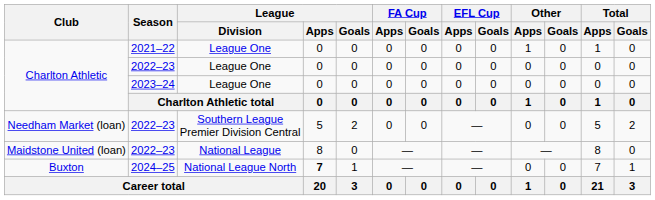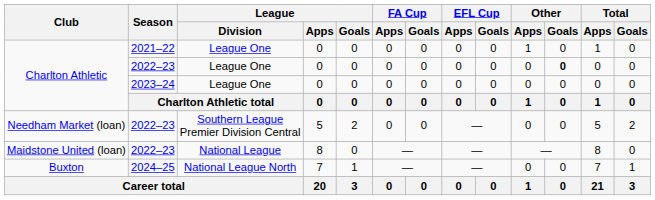 <table class=wikitable style=text-align:center>
 <tr>
 <th rowspan=2>Club</th>
 <th rowspan=2>Season</th>
 <th colspan=3>League</th>
 <th colspan=2><a href='#'>FA Cup</a></th>
 <th colspan=2><a href='#'>EFL Cup</a></th>
 <th colspan=2>Other</th>
 <th colspan=2>Total</th>
 </tr>
 <tr>
 <th>Division</th>
 <th>Apps</th>
 <th>Goals</th>
 <th>Apps</th>
 <th>Goals</th>
 <th>Apps</th>
 <th>Goals</th>
 <th>Apps</th>
 <th>Goals</th>
 <th>Apps</th>
 <th>Goals</th>
 </tr>
 <tr>
 <td rowspan="4"><a href='#'>Charlton Athletic</a></td>
 <td><a href='#'>2021–22</a></td>
 <td><a href='#'>League One</a></td>
 <td>0</td>
 <td>0</td>
 <td>0</td>
 <td>0</td>
 <td>0</td>
 <td>0</td>
 <td>1</td>
 <td>0</td>
 <td>1</td>
 <td>0</td>
 </tr>
 <tr>
 <td><a href='#'>2022–23</a></td>
 <td>League One</td>
 <td>0</td>
 <td>0</td>
 <td>0</td>
 <td>0</td>
 <td>0</td>
 <td>0</td>
 <td>0</td>
-<td>0</td>
+<td><strong>0</strong></td>
 <td>0</td>
 <td>0</td>
 </tr>
 <tr>
 <td><a href='#'>2023–24</a></td>
 <td>League One</td>
 <td>0</td>
 <td>0</td>
 <td>0</td>
 <td>0</td>
 <td>0</td>
 <td>0</td>
 <td>0</td>
 <td>0</td>
 <td>0</td>
 <td>0</td>
 </tr>
 <tr>
 <th colspan="2">Charlton Athletic total</th>
 <th>0</th>
 <th>0</th>
 <th>0</th>
 <th>0</th>
 <th>0</th>
 <th>0</th>
 <th>1</th>
 <th>0</th>
 <th>1</th>
 <th>0</th>
 </tr>
 <tr>
 <td><a href='#'>Needham Market</a> (loan)</td>
 <td><a href='#'>2022–23</a></td>
 <td><a href='#'>Southern League</a><br> Premier Division Central</td>
 <td>5</td>
 <td>2</td>
 <td>0</td>
 <td>0</td>
 <td colspan="2">—</td>
 <td>0</td>
 <td>0</td>
 <td>5</td>
 <td>2</td>
 </tr>
 <tr>
 <td><a href='#'>Maidstone United</a> (loan)</td>
 <td><a href='#'>2022–23</a></td>
 <td><a href='#'>National League</a></td>
 <td>8</td>
 <td>0</td>
 <td colspan="2">—</td>
 <td colspan="2">—</td>
 <td colspan="2">—</td>
 <td>8</td>
 <td>0</td>
 </tr>
 <tr>
 <td><a href='#'>Buxton</a></td>
 <td><a href='#'>2024–25</a></td>
 <td><a href='#'>National League North</a></td>
-<td><strong>7</strong></td>
+<td>7</td>
 <td>1</td>
 <td colspan="2">—</td>
 <td colspan="2">—</td>
 <td>0</td>
 <td>0</td>
 <td>7</td>
 <td>1</td>
 </tr>
 <tr>
 <th colspan=3>Career total</th>
 <th>20</th>
 <th>3</th>
 <th>0</th>
 <th>0</th>
 <th>0</th>
 <th>0</th>
 <th>1</th>
 <th>0</th>
 <th>21</th>
 <th>3</th>
 </tr>
 </table>
